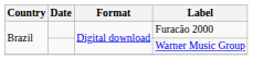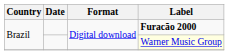 <table class="wikitable plainrowheaders">
 <tr>
 <th>Country</th>
 <th>Date</th>
 <th>Format</th>
 <th>Label</th>
 </tr>
 <tr>
 <td rowspan=2>Brazil</td>
 <td></td>
 <td rowspan=2><a href='#'>Digital download</a></td>
-<td>Furacão 2000</td>
+<td><strong>Furacão 2000</strong></td>
 </tr>
 <tr>
 <td></td>
-<td><a href='#'>Warner Music Group</a></td>
+<td style="background: lightyellow;"><a href='#'>Warner Music Group</a></td>
 </tr>
 <tr>
 </tr>
 </table>
